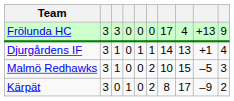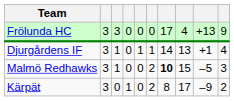 <table class="wikitable sortable">
 <tr>
 <th>Team</th>
 <th></th>
 <th></th>
 <th></th>
 <th></th>
 <th></th>
 <th></th>
 <th></th>
 <th></th>
 <th></th>
 </tr>
 <tr align="center" style="border-bottom:3px solid green;" bgcolor="#CCFFCC">
 <td align="left"> <a href='#'>Frölunda HC</a></td>
 <td>3</td>
 <td>3</td>
 <td>0</td>
 <td>0</td>
 <td>0</td>
 <td>17</td>
 <td>4</td>
 <td>+13</td>
 <td>9</td>
 </tr>
 <tr align="center">
 <td align="left"> <a href='#'>Djurgårdens IF</a></td>
 <td>3</td>
 <td>1</td>
 <td>0</td>
 <td>1</td>
 <td>1</td>
 <td>14</td>
 <td>13</td>
 <td>+1</td>
 <td>4</td>
 </tr>
 <tr align="center">
 <td align="left"> <a href='#'>Malmö Redhawks</a></td>
 <td>3</td>
 <td>1</td>
 <td>0</td>
 <td>0</td>
 <td>2</td>
-<td>10</td>
+<td><strong>10</strong></td>
 <td>15</td>
 <td>–5</td>
 <td>3</td>
 </tr>
 <tr align="center">
 <td align="left"> <a href='#'>Kärpät</a></td>
 <td>3</td>
 <td>0</td>
 <td>1</td>
 <td>0</td>
 <td>2</td>
 <td>8</td>
 <td>17</td>
 <td>–9</td>
 <td>2</td>
 </tr>
 </table>
